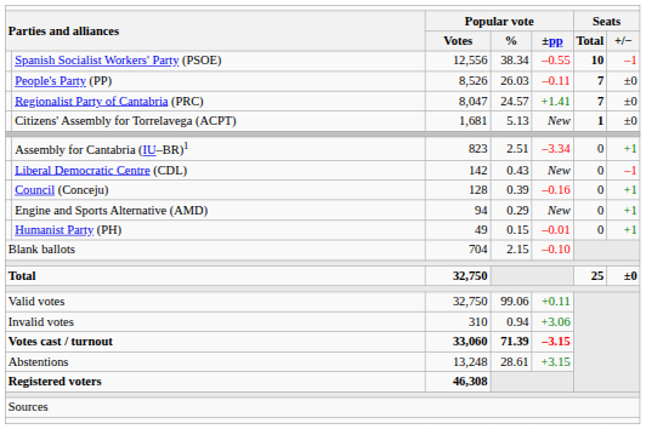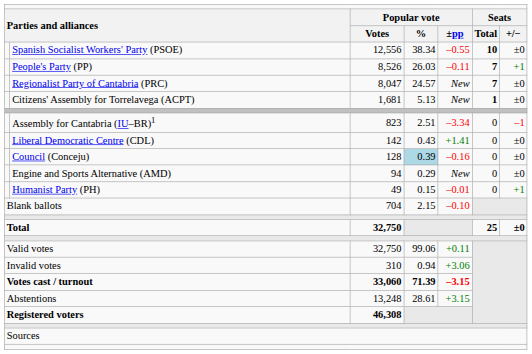 <table class="wikitable" style="text-align:right;">
 <tr>
 <td colspan="7"></td>
 </tr>
 <tr>
 <th style="text-align:left;" rowspan="2" colspan="2" width="525">Parties and alliances</th>
 <th colspan="3">Popular vote</th>
 <th colspan="2">Seats</th>
 </tr>
 <tr>
 <th width="75">Votes</th>
 <th width="45">%</th>
 <th width="45">±<a href='#'>pp</a></th>
 <th width="35">Total</th>
 <th width="35">+/−</th>
 </tr>
 <tr>
 <td width="1" style="color:inherit;background:"></td>
 <td align="left"><a href='#'>Spanish Socialist Workers' Party</a> (PSOE)</td>
 <td>12,556</td>
 <td>38.34</td>
 <td style="color:red;">–0.55</td>
 <td><strong>10</strong></td>
-<td style="color:red;">–1</td>
+<td>±0</td>
 </tr>
 <tr>
 <td style="color:inherit;background:"></td>
 <td align="left"><a href='#'>People's Party</a> (PP)</td>
 <td>8,526</td>
 <td>26.03</td>
 <td style="color:red;">–0.11</td>
 <td><strong>7</strong></td>
-<td>±0</td>
+<td style="color:green;">+1</td>
 </tr>
 <tr>
 <td style="color:inherit;background:"></td>
 <td align="left"><a href='#'>Regionalist Party of Cantabria</a> (PRC)</td>
 <td>8,047</td>
 <td>24.57</td>
-<td style="color:green;">+1.41</td>
+<td><em>New</em></td>
 <td><strong>7</strong></td>
 <td>±0</td>
 </tr>
 <tr>
 <td style="color:inherit;background:"></td>
 <td align="left">Citizens' Assembly for Torrelavega (ACPT)</td>
 <td>1,681</td>
 <td>5.13</td>
 <td><em>New</em></td>
 <td><strong>1</strong></td>
 <td>±0</td>
 </tr>
 <tr>
 <td colspan="7" bgcolor="#C0C0C0"></td>
 </tr>
 <tr>
 <td style="color:inherit;background:"></td>
 <td align="left">Assembly for Cantabria (<a href='#'>IU</a>–BR)<sup>1</sup></td>
 <td>823</td>
 <td>2.51</td>
 <td style="color:red;">–3.34</td>
 <td>0</td>
-<td style="color:green;">+1</td>
+<td style="color:red;">–1</td>
 </tr>
 <tr>
 <td style="color:inherit;background:"></td>
 <td align="left"><a href='#'>Liberal Democratic Centre</a> (CDL)</td>
 <td>142</td>
 <td>0.43</td>
-<td><em>New</em></td>
+<td style="color:green;">+1.41</td>
 <td>0</td>
-<td style="color:red;">–1</td>
+<td>±0</td>
 </tr>
 <tr>
 <td style="color:inherit;background:"></td>
 <td align="left"><a href='#'>Council</a> (Conceju)</td>
 <td>128</td>
-<td>0.39</td>
+<td style="background: lightblue;">0.39</td>
 <td style="color:red;">–0.16</td>
 <td>0</td>
-<td style="color:green;">+1</td>
+<td>±0</td>
 </tr>
 <tr>
 <td style="color:inherit;background:"></td>
 <td align="left">Engine and Sports Alternative (AMD)</td>
 <td>94</td>
 <td>0.29</td>
 <td><em>New</em></td>
 <td>0</td>
-<td style="color:green;">+1</td>
+<td>±0</td>
 </tr>
 <tr>
 <td style="color:inherit;background:"></td>
 <td align="left"><a href='#'>Humanist Party</a> (PH)</td>
 <td>49</td>
 <td>0.15</td>
 <td style="color:red;">–0.01</td>
 <td>0</td>
 <td style="color:green;">+1</td>
 </tr>
 <tr>
 <td align="left" colspan="2">Blank ballots</td>
 <td>704</td>
 <td>2.15</td>
 <td style="color:red;">–0.10</td>
 <td bgcolor="#E9E9E9" colspan="2"></td>
 </tr>
 <tr>
 <td colspan="7" bgcolor="#E9E9E9"></td>
 </tr>
 <tr style="font-weight:bold;">
 <td align="left" colspan="2">Total</td>
 <td>32,750</td>
 <td bgcolor="#E9E9E9" colspan="2"></td>
 <td>25</td>
 <td>±0</td>
 </tr>
 <tr>
 <td colspan="7" bgcolor="#E9E9E9"></td>
 </tr>
 <tr>
 <td align="left" colspan="2">Valid votes</td>
 <td>32,750</td>
 <td>99.06</td>
 <td style="color:green;">+0.11</td>
 <td bgcolor="#E9E9E9" colspan="2" rowspan="5"></td>
 </tr>
 <tr>
 <td align="left" colspan="2">Invalid votes</td>
 <td>310</td>
 <td>0.94</td>
 <td style="color:green;">+3.06</td>
 </tr>
 <tr style="font-weight:bold;">
 <td align="left" colspan="2">Votes cast / turnout</td>
 <td>33,060</td>
 <td>71.39</td>
 <td style="color:red;">–3.15</td>
 </tr>
 <tr>
 <td align="left" colspan="2">Abstentions</td>
 <td>13,248</td>
 <td>28.61</td>
 <td style="color:green;">+3.15</td>
 </tr>
 <tr style="font-weight:bold;">
 <td align="left" colspan="2">Registered voters</td>
 <td>46,308</td>
 <td bgcolor="#E9E9E9" colspan="2"></td>
 </tr>
 <tr>
 <td colspan="7" bgcolor="#E9E9E9"></td>
 </tr>
 <tr>
 <td align="left" colspan="7">Sources</td>
 </tr>
 <tr>
 <td colspan="7" style="text-align:left; max-width:790px;"></td>
 </tr>
 </table>
